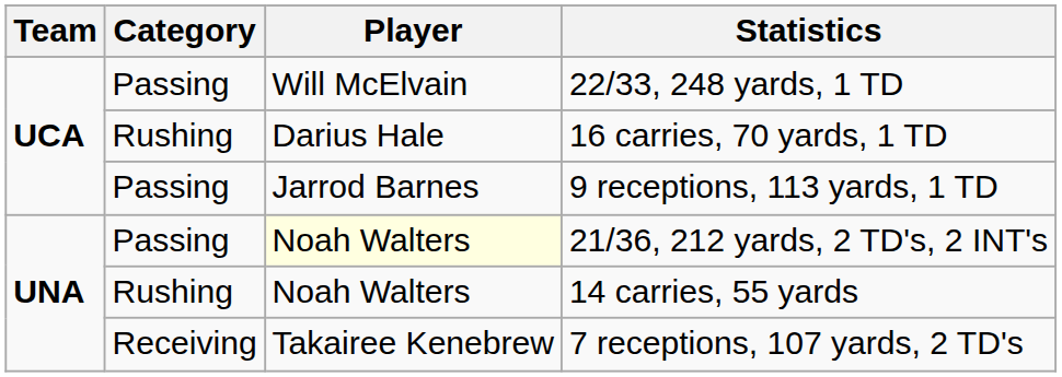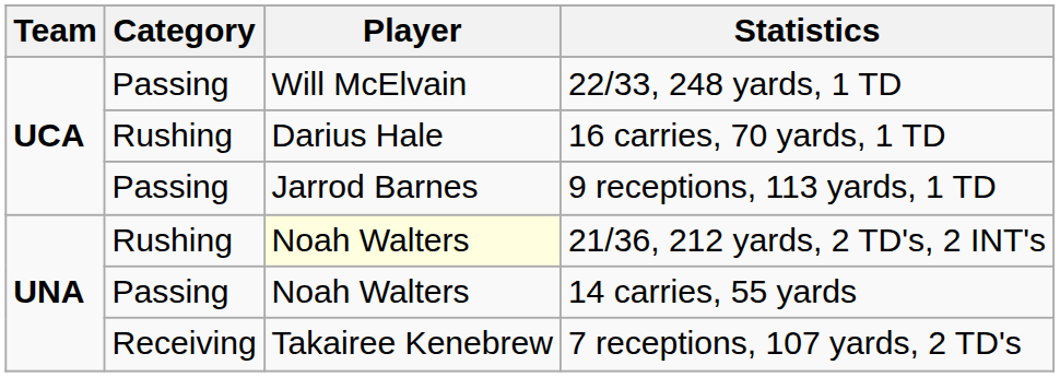 <table class="wikitable" style="float: right;">
 <tr>
 <th>Team</th>
 <th>Category</th>
 <th>Player</th>
 <th>Statistics</th>
 </tr>
 <tr>
 <td rowspan=3><strong>UCA</strong></td>
 <td>Passing</td>
 <td>Will McElvain</td>
 <td>22/33, 248 yards, 1 TD</td>
 </tr>
 <tr>
 <td>Rushing</td>
 <td>Darius Hale</td>
 <td>16 carries, 70 yards, 1 TD</td>
 </tr>
 <tr>
 <td>Passing</td>
 <td>Jarrod Barnes</td>
 <td>9 receptions, 113 yards, 1 TD</td>
 </tr>
 <tr>
 <td rowspan=3><strong>UNA</strong></td>
-<td>Passing</td>
+<td>Rushing</td>
 <td style="background: lightyellow;">Noah Walters</td>
 <td>21/36, 212 yards, 2 TD's, 2 INT's</td>
 </tr>
 <tr>
-<td>Rushing</td>
+<td>Passing</td>
 <td>Noah Walters</td>
 <td>14 carries, 55 yards</td>
 </tr>
 <tr>
 <td>Receiving</td>
 <td>Takairee Kenebrew</td>
 <td>7 receptions, 107 yards, 2 TD's</td>
 </tr>
 </table>
